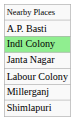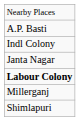 <table class="wikitable">
 <tr>
 <td><small>Nearby Places</small></td>
 </tr>
 <tr>
 <td>A.P. Basti</td>
 </tr>
 <tr>
-<td style="background: lightgreen;">Indl Colony</td>
+<td>Indl Colony</td>
 </tr>
 <tr>
 <td>Janta Nagar</td>
 </tr>
 <tr>
-<td>Labour Colony</td>
+<td><strong>Labour Colony</strong></td>
 </tr>
 <tr>
 <td>Millerganj</td>
 </tr>
 <tr>
 <td>Shimlapuri</td>
 </tr>
 </table>
